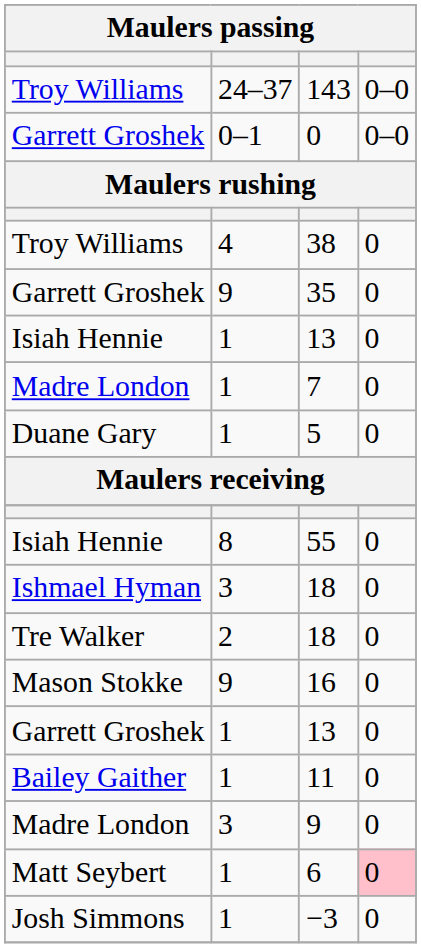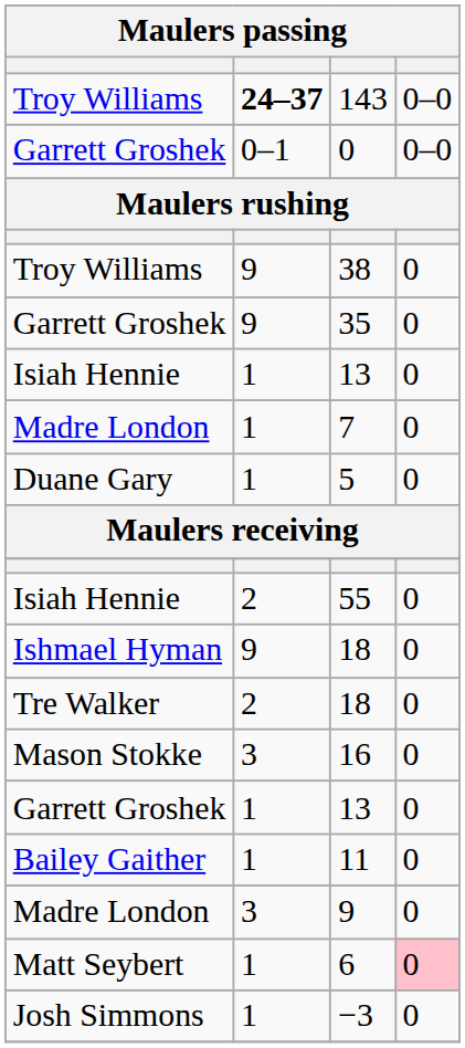 <table class="wikitable plainrowheaders">
 <tr>
 <th colspan="6">Maulers passing</th>
 </tr>
 <tr>
 <th scope="col"></th>
 <th scope="col"></th>
 <th scope="col"></th>
 <th scope="col"></th>
 </tr>
 <tr>
 <td><a href='#'>Troy Williams</a></td>
-<td>24–37</td>
+<td><strong>24–37</strong></td>
 <td>143</td>
 <td>0–0</td>
 </tr>
 <tr>
 <td><a href='#'>Garrett Groshek</a></td>
 <td>0–1</td>
 <td>0</td>
 <td>0–0</td>
 </tr>
 <tr>
 <th colspan="6">Maulers rushing</th>
 </tr>
 <tr>
 <th scope="col"></th>
 <th scope="col"></th>
 <th scope="col"></th>
 <th scope="col"></th>
 </tr>
 <tr>
 <td>Troy Williams</td>
-<td>4</td>
+<td>9</td>
 <td>38</td>
 <td>0</td>
 </tr>
 <tr>
 <td>Garrett Groshek</td>
 <td>9</td>
 <td>35</td>
 <td>0</td>
 </tr>
 <tr>
 <td>Isiah Hennie</td>
 <td>1</td>
 <td>13</td>
 <td>0</td>
 </tr>
 <tr>
 <td><a href='#'>Madre London</a></td>
 <td>1</td>
 <td>7</td>
 <td>0</td>
 </tr>
 <tr>
 <td>Duane Gary</td>
 <td>1</td>
 <td>5</td>
 <td>0</td>
 </tr>
 <tr>
 <th colspan="6">Maulers receiving</th>
 </tr>
 <tr>
 </tr>
 <tr>
 <th scope="col"></th>
 <th scope="col"></th>
 <th scope="col"></th>
 <th scope="col"></th>
 </tr>
 <tr>
 <td>Isiah Hennie</td>
-<td>8</td>
+<td>2</td>
 <td>55</td>
 <td>0</td>
 </tr>
 <tr>
 <td><a href='#'>Ishmael Hyman</a></td>
-<td>3</td>
+<td>9</td>
 <td>18</td>
 <td>0</td>
 </tr>
 <tr>
 <td>Tre Walker</td>
 <td>2</td>
 <td>18</td>
 <td>0</td>
 </tr>
 <tr>
 <td>Mason Stokke</td>
-<td>9</td>
+<td>3</td>
 <td>16</td>
 <td>0</td>
 </tr>
 <tr>
 <td>Garrett Groshek</td>
 <td>1</td>
 <td>13</td>
 <td>0</td>
 </tr>
 <tr>
 <td><a href='#'>Bailey Gaither</a></td>
 <td>1</td>
 <td>11</td>
 <td>0</td>
 </tr>
 <tr>
 <td>Madre London</td>
 <td>3</td>
 <td>9</td>
 <td>0</td>
 </tr>
 <tr>
 <td>Matt Seybert</td>
 <td>1</td>
 <td>6</td>
 <td style="background: pink;">0</td>
 </tr>
 <tr>
 <td>Josh Simmons</td>
 <td>1</td>
 <td>−3</td>
 <td>0</td>
 </tr>
 <tr>
 </tr>
 </table>
